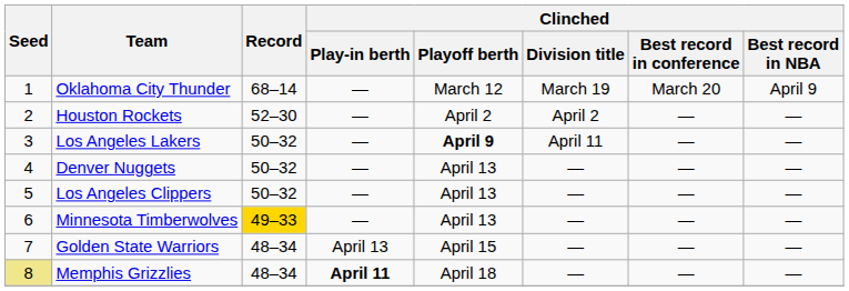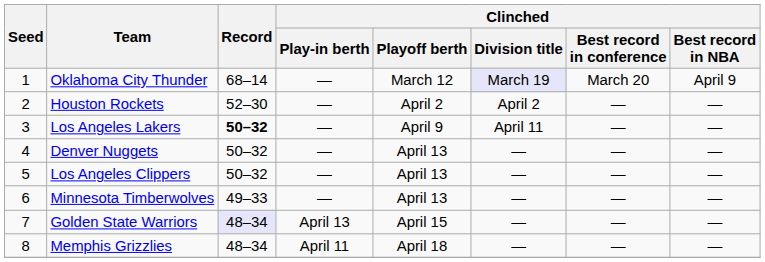 <table class="wikitable" style="font-size:95%; text-align:center">
 <tr>
 <th rowspan=2>Seed</th>
 <th rowspan=2>Team</th>
 <th rowspan=2>Record</th>
 <th colspan=5>Clinched</th>
 </tr>
 <tr>
 <th>Play-in berth</th>
 <th>Playoff berth</th>
 <th>Division title</th>
 <th>Best record<br>in conference</th>
 <th>Best record<br>in NBA</th>
 </tr>
 <tr>
 <td>1</td>
 <td align=left><a href='#'>Oklahoma City Thunder</a></td>
 <td>68–14</td>
 <td>—</td>
 <td>March 12</td>
-<td>March 19</td>
+<td style="background: lavender;">March 19</td>
 <td>March 20</td>
 <td>April 9</td>
 </tr>
 <tr>
 <td>2</td>
 <td align=left><a href='#'>Houston Rockets</a></td>
 <td>52–30</td>
 <td>—</td>
 <td>April 2</td>
 <td>April 2</td>
 <td>—</td>
 <td>—</td>
 </tr>
 <tr>
 <td>3</td>
 <td align=left><a href='#'>Los Angeles Lakers</a></td>
-<td>50–32</td>
+<td><strong>50–32</strong></td>
 <td>—</td>
-<td><strong>April 9</strong></td>
+<td>April 9</td>
 <td>April 11</td>
 <td>—</td>
 <td>—</td>
 </tr>
 <tr>
 <td>4</td>
 <td align=left><a href='#'>Denver Nuggets</a></td>
 <td>50–32</td>
 <td>—</td>
 <td>April 13</td>
 <td>—</td>
 <td>—</td>
 <td>—</td>
 </tr>
 <tr>
 <td>5</td>
 <td align=left><a href='#'>Los Angeles Clippers</a></td>
 <td>50–32</td>
 <td>—</td>
 <td>April 13</td>
 <td>—</td>
 <td>—</td>
 <td>—</td>
 </tr>
 <tr>
 <td>6</td>
 <td align=left><a href='#'>Minnesota Timberwolves</a></td>
-<td style="background: gold;">49–33</td>
+<td>49–33</td>
 <td>—</td>
 <td>April 13</td>
 <td>—</td>
 <td>—</td>
 <td>—</td>
 </tr>
 <tr>
 <td>7</td>
 <td align=left><a href='#'>Golden State Warriors</a></td>
-<td>48–34</td>
+<td style="background: lavender;">48–34</td>
 <td>April 13</td>
 <td>April 15</td>
 <td>—</td>
 <td>—</td>
 <td>—</td>
 </tr>
 <tr>
-<td style="background: khaki;">8</td>
+<td>8</td>
 <td align="left"><a href='#'>Memphis Grizzlies</a></td>
 <td>48–34</td>
-<td><strong>April 11</strong></td>
+<td>April 11</td>
 <td>April 18</td>
 <td>—</td>
 <td>—</td>
 <td>—</td>
 </tr>
 <tr>
 </tr>
 </table>
